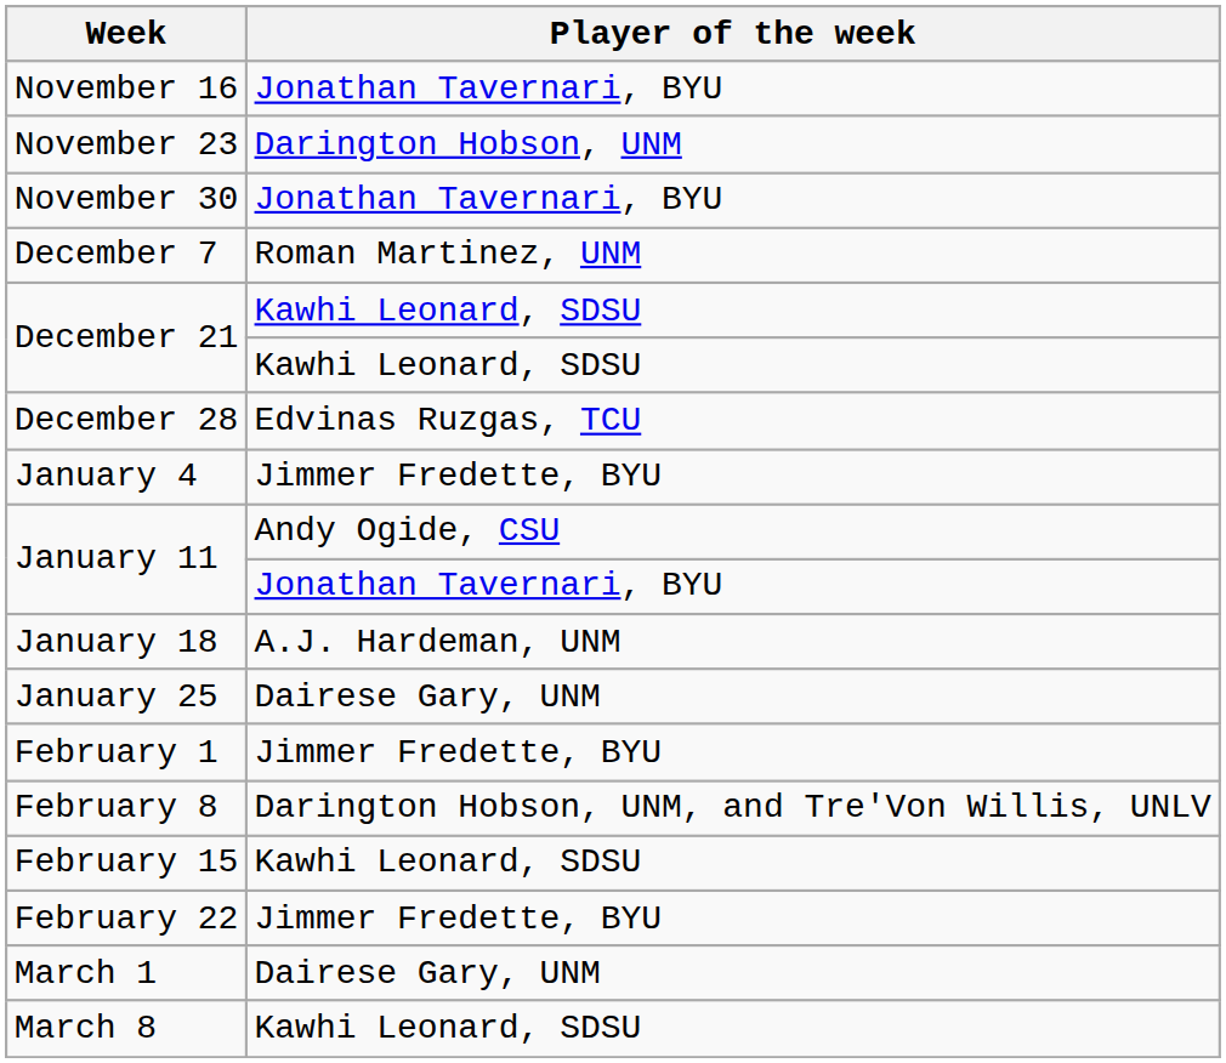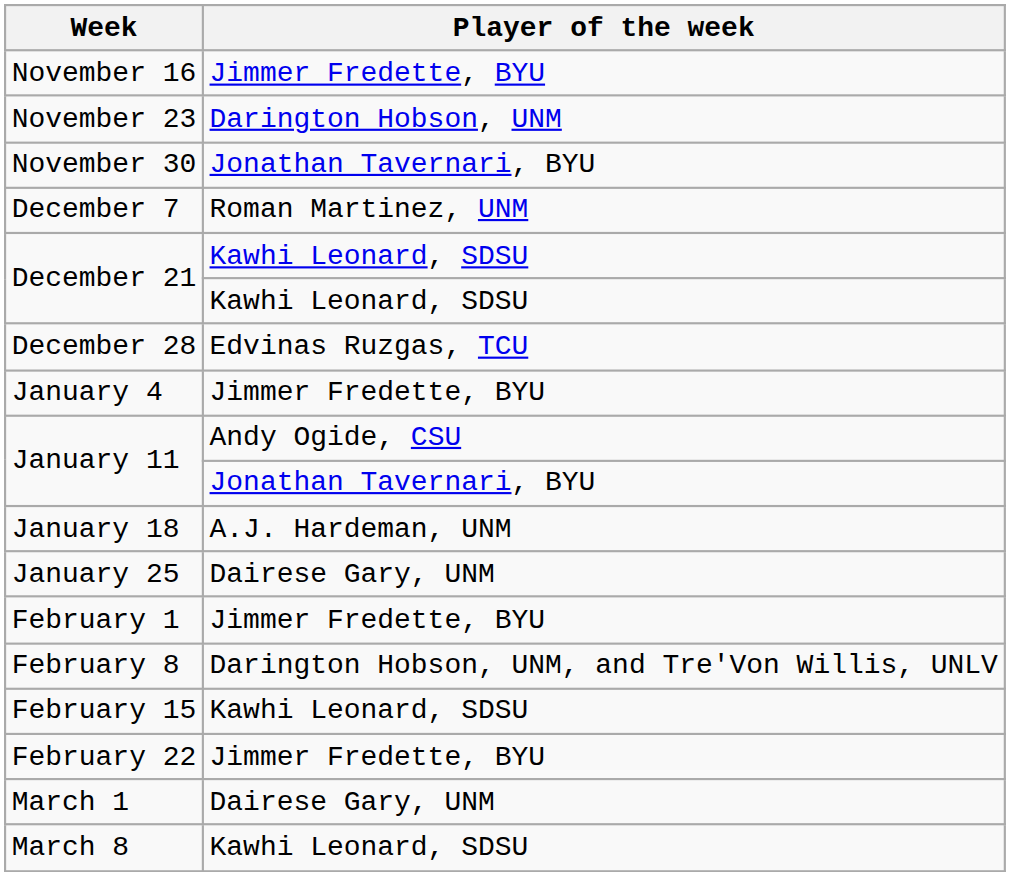 <table class="wikitable" border="1">
 <tr>
 <th>Week</th>
 <th>Player of the week</th>
 </tr>
 <tr>
 <td>November 16</td>
-<td><a href='#'>Jonathan Tavernari</a>, BYU</td>
+<td><a href='#'>Jimmer Fredette</a>, <a href='#'>BYU</a></td>
 </tr>
 <tr>
 <td>November 23</td>
 <td><a href='#'>Darington Hobson</a>, <a href='#'>UNM</a></td>
 </tr>
 <tr>
 <td>November 30</td>
 <td><a href='#'>Jonathan Tavernari</a>, BYU</td>
 </tr>
 <tr>
 <td>December 7</td>
 <td>Roman Martinez, <a href='#'>UNM</a></td>
 </tr>
 <tr>
 <td rowspan=2 valign=middle>December 21</td>
 <td><a href='#'>Kawhi Leonard</a>, <a href='#'>SDSU</a></td>
 </tr>
 <tr>
 <td>Kawhi Leonard, SDSU</td>
 </tr>
 <tr>
 <td>December 28</td>
 <td>Edvinas Ruzgas, <a href='#'>TCU</a></td>
 </tr>
 <tr>
 <td>January 4</td>
 <td>Jimmer Fredette, BYU</td>
 </tr>
 <tr>
 <td rowspan=2 valign=middle>January 11</td>
 <td>Andy Ogide, <a href='#'>CSU</a></td>
 </tr>
 <tr>
 <td><a href='#'>Jonathan Tavernari</a>, BYU</td>
 </tr>
 <tr>
 <td>January 18</td>
 <td>A.J. Hardeman, UNM</td>
 </tr>
 <tr>
 <td>January 25</td>
 <td>Dairese Gary, UNM</td>
 </tr>
 <tr>
 <td>February 1</td>
 <td>Jimmer Fredette, BYU</td>
 </tr>
 <tr>
 <td>February 8</td>
 <td>Darington Hobson, UNM, and Tre'Von Willis, UNLV</td>
 </tr>
 <tr>
 <td>February 15</td>
 <td>Kawhi Leonard, SDSU</td>
 </tr>
 <tr>
 <td>February 22</td>
 <td>Jimmer Fredette, BYU</td>
 </tr>
 <tr>
 <td>March 1</td>
 <td>Dairese Gary, UNM</td>
 </tr>
 <tr>
 <td>March 8</td>
 <td>Kawhi Leonard, SDSU</td>
 </tr>
 <tr>
 </tr>
 </table>
